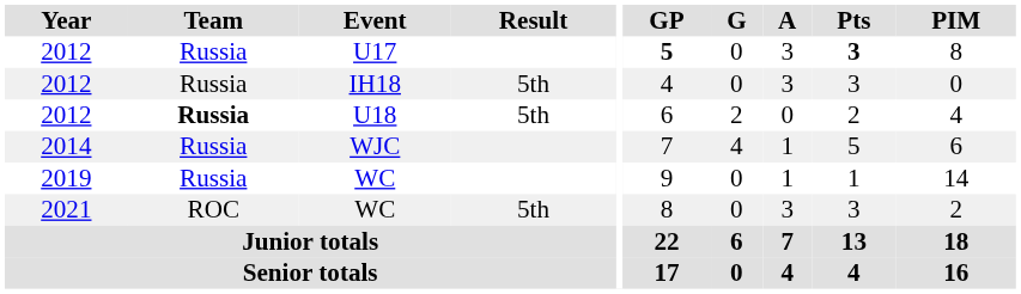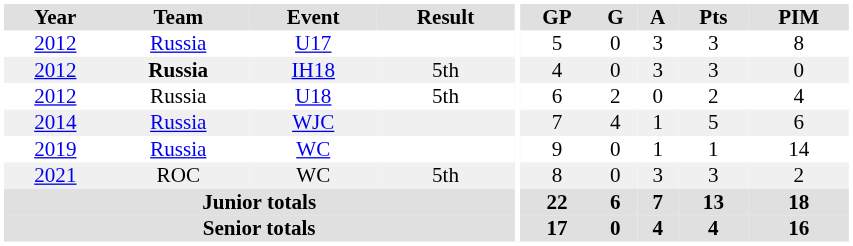 <table border="0" cellpadding="1" cellspacing="0" ID="Table3" style="text-align:center; width:40em;">
 <tr bgcolor="#e0e0e0">
 <th>Year</th>
 <th>Team</th>
 <th>Event</th>
 <th>Result</th>
 <th rowspan="99" bgcolor="#ffffff"></th>
 <th>GP</th>
 <th>G</th>
 <th>A</th>
 <th>Pts</th>
 <th>PIM</th>
 </tr>
 <tr>
 <td><a href='#'>2012</a></td>
 <td><a href='#'>Russia</a></td>
 <td><a href='#'>U17</a></td>
 <td></td>
-<td><strong>5</strong></td>
+<td>5</td>
 <td>0</td>
 <td>3</td>
-<td><strong>3</strong></td>
+<td>3</td>
 <td>8</td>
 </tr>
 <tr bgcolor="#f0f0f0">
 <td><a href='#'>2012</a></td>
-<td>Russia</td>
+<td><strong>Russia</strong></td>
 <td><a href='#'>IH18</a></td>
 <td>5th</td>
 <td>4</td>
 <td>0</td>
 <td>3</td>
 <td>3</td>
 <td>0</td>
 </tr>
 <tr>
 <td><a href='#'>2012</a></td>
-<td><strong>Russia</strong></td>
+<td>Russia</td>
 <td><a href='#'>U18</a></td>
 <td>5th</td>
 <td>6</td>
 <td>2</td>
 <td>0</td>
 <td>2</td>
 <td>4</td>
 </tr>
 <tr bgcolor="#f0f0f0">
 <td><a href='#'>2014</a></td>
 <td><a href='#'>Russia</a></td>
 <td><a href='#'>WJC</a></td>
 <td></td>
 <td>7</td>
 <td>4</td>
 <td>1</td>
 <td>5</td>
 <td>6</td>
 </tr>
 <tr>
 <td><a href='#'>2019</a></td>
 <td><a href='#'>Russia</a></td>
 <td><a href='#'>WC</a></td>
 <td></td>
 <td>9</td>
 <td>0</td>
 <td>1</td>
 <td>1</td>
 <td>14</td>
 </tr>
 <tr bgcolor="#f0f0f0">
 <td><a href='#'>2021</a></td>
 <td>ROC</td>
 <td>WC</td>
 <td>5th</td>
 <td>8</td>
 <td>0</td>
 <td>3</td>
 <td>3</td>
 <td>2</td>
 </tr>
 <tr bgcolor="#e0e0e0">
 <th colspan="4">Junior totals</th>
 <th>22</th>
 <th>6</th>
 <th>7</th>
 <th>13</th>
 <th>18</th>
 </tr>
 <tr bgcolor="#e0e0e0">
 <th colspan="4">Senior totals</th>
 <th>17</th>
 <th>0</th>
 <th>4</th>
 <th>4</th>
 <th>16</th>
 </tr>
 </table>
